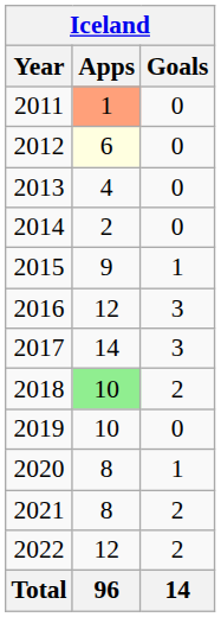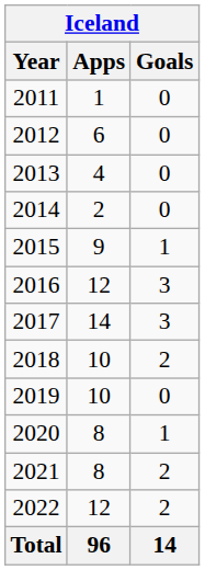 <table class="wikitable" style="text-align:center">
 <tr>
 <th colspan=3><a href='#'>Iceland</a></th>
 </tr>
 <tr>
 <th>Year</th>
 <th>Apps</th>
 <th>Goals</th>
 </tr>
 <tr>
 <td>2011</td>
-<td style="background: lightsalmon;">1</td>
+<td>1</td>
 <td>0</td>
 </tr>
 <tr>
 <td>2012</td>
-<td style="background: lightyellow;">6</td>
+<td>6</td>
 <td>0</td>
 </tr>
 <tr>
 <td>2013</td>
 <td>4</td>
 <td>0</td>
 </tr>
 <tr>
 <td>2014</td>
 <td>2</td>
 <td>0</td>
 </tr>
 <tr>
 <td>2015</td>
 <td>9</td>
 <td>1</td>
 </tr>
 <tr>
 <td>2016</td>
 <td>12</td>
 <td>3</td>
 </tr>
 <tr>
 <td>2017</td>
 <td>14</td>
 <td>3</td>
 </tr>
 <tr>
 <td>2018</td>
-<td style="background: lightgreen;">10</td>
+<td>10</td>
 <td>2</td>
 </tr>
 <tr>
 <td>2019</td>
 <td>10</td>
 <td>0</td>
 </tr>
 <tr>
 <td>2020</td>
 <td>8</td>
 <td>1</td>
 </tr>
 <tr>
 <td>2021</td>
 <td>8</td>
 <td>2</td>
 </tr>
 <tr>
 <td>2022</td>
 <td>12</td>
 <td>2</td>
 </tr>
 <tr>
 <th>Total</th>
 <th>96</th>
 <th>14</th>
 </tr>
 </table>
